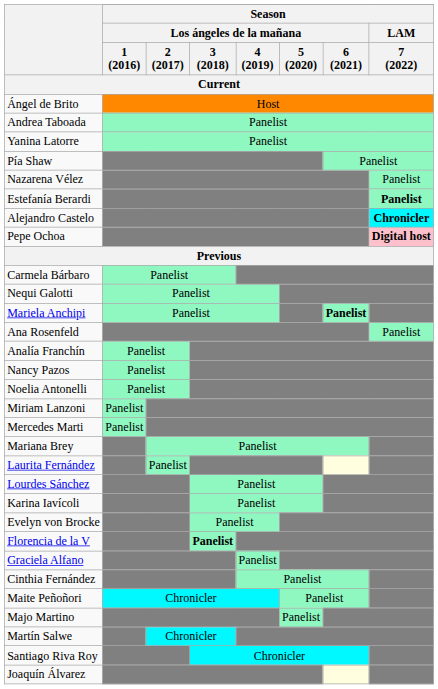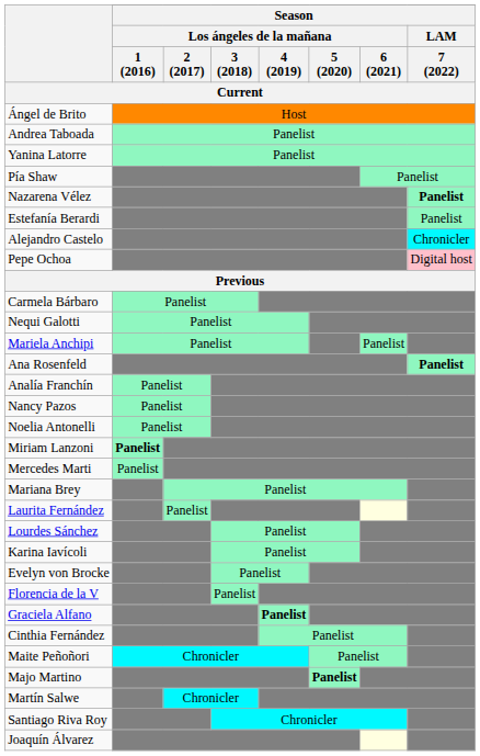 <table class="wikitable plainrowheaders" style="font-size:100%;">
 <tr>
 <th rowspan="4"></th>
 </tr>
 <tr>
 <th colspan=7>Season</th>
 </tr>
 <tr>
 <th colspan="6">Los ángeles de la mañana</th>
 <th colspan="1">LAM</th>
 </tr>
 <tr>
 <th>1<br>(2016)</th>
 <th>2<br>(2017)</th>
 <th>3<br>(2018)</th>
 <th>4<br>(2019)</th>
 <th>5<br>(2020)</th>
 <th>6<br>(2021)</th>
 <th>7<br>(2022)</th>
 </tr>
 <tr>
 <th colspan="8">Current</th>
 </tr>
 <tr>
 <td>Ángel de Brito</td>
 <td colspan="7" bgcolor="#ff8800" style="text-align:center;">Host</td>
 </tr>
 <tr>
 <td>Andrea Taboada</td>
 <td colspan="7" bgcolor="#8FF7C0" style="text-align:center;">Panelist</td>
 </tr>
 <tr>
 <td>Yanina Latorre</td>
 <td colspan="7" bgcolor="#8FF7C0" style="text-align:center;">Panelist</td>
 </tr>
 <tr>
 <td>Pía Shaw</td>
 <td colspan="5" bgcolor=gray></td>
 <td colspan="2" bgcolor="#8FF7C0" style="text-align:center;">Panelist</td>
 </tr>
 <tr>
 <td>Nazarena Vélez</td>
 <td colspan="6" bgcolor=gray></td>
-<td bgcolor="#8FF7C0" style="text-align:center;">Panelist</td>
+<td bgcolor="#8FF7C0" style="text-align:center;"><strong>Panelist</strong></td>
 </tr>
 <tr>
 <td>Estefanía Berardi</td>
 <td colspan="6" bgcolor=gray></td>
-<td bgcolor="#8FF7C0" style="text-align:center;"><strong>Panelist</strong></td>
+<td bgcolor="#8FF7C0" style="text-align:center;">Panelist</td>
 </tr>
 <tr>
 <td>Alejandro Castelo</td>
 <td colspan="6" bgcolor=gray></td>
-<td colspan="1" bgcolor="#00f9ff" style="text-align:center;"><strong>Chronicler</strong></td>
+<td colspan="1" bgcolor="#00f9ff" style="text-align:center;">Chronicler</td>
 </tr>
 <tr>
 <td>Pepe Ochoa</td>
 <td colspan="6" bgcolor=gray></td>
-<td bgcolor="pink" style="text-align:center;"><strong>Digital host</strong></td>
+<td bgcolor="pink" style="text-align:center;">Digital host</td>
 </tr>
 <tr>
 <th colspan="8">Previous</th>
 </tr>
 <tr>
 <td>Carmela Bárbaro</td>
 <td colspan="3" bgcolor="#8FF7C0" style="text-align:center;">Panelist</td>
 <td colspan="55" bgcolor=gray></td>
 </tr>
 <tr>
 <td>Nequi Galotti</td>
 <td colspan="4" bgcolor="#8FF7C0" style="text-align:center;">Panelist</td>
 <td colspan="55" bgcolor=gray></td>
 </tr>
 <tr>
 <td><a href='#'>Mariela Anchipi</a></td>
 <td colspan="4" bgcolor="#8FF7C0" style="text-align:center;">Panelist</td>
 <td colspan="1" bgcolor=gray></td>
-<td colspan="1" bgcolor="#8FF7C0" style="text-align:center;"><strong>Panelist</strong></td>
+<td colspan="1" bgcolor="#8FF7C0" style="text-align:center;">Panelist</td>
 <td colspan="1" bgcolor=gray></td>
 </tr>
 <tr>
 <td>Ana Rosenfeld</td>
 <td colspan="6" bgcolor=gray></td>
-<td bgcolor="#8FF7C0" style="text-align:center;">Panelist</td>
+<td bgcolor="#8FF7C0" style="text-align:center;"><strong>Panelist</strong></td>
 </tr>
 <tr>
 <td>Analía Franchín</td>
 <td colspan="2" bgcolor="#8FF7C0" style="text-align:center;">Panelist</td>
 <td colspan="55" bgcolor=gray></td>
 </tr>
 <tr>
 <td>Nancy Pazos</td>
 <td colspan="2" bgcolor="#8FF7C0" style="text-align:center;">Panelist</td>
 <td colspan="55" bgcolor=gray></td>
 </tr>
 <tr>
 <td>Noelia Antonelli</td>
 <td colspan="2" bgcolor="#8FF7C0" style="text-align:center;">Panelist</td>
 <td colspan="55" bgcolor=gray></td>
 </tr>
 <tr>
 <td>Miriam Lanzoni</td>
-<td bgcolor="#8FF7C0" style="text-align:center;">Panelist</td>
+<td bgcolor="#8FF7C0" style="text-align:center;"><strong>Panelist</strong></td>
 <td colspan="55" bgcolor=gray></td>
 </tr>
 <tr>
 <td>Mercedes Marti</td>
 <td bgcolor="#8FF7C0" style="text-align:center;">Panelist</td>
 <td colspan="55" bgcolor=gray></td>
 </tr>
 <tr>
 <td>Mariana Brey</td>
 <td bgcolor=gray></td>
 <td colspan="5" bgcolor="#8FF7C0" style="text-align:center;">Panelist</td>
 <td colspan=55 bgcolor=gray></td>
 </tr>
 <tr>
 <td><a href='#'>Laurita Fernández</a></td>
 <td bgcolor=gray></td>
 <td bgcolor="#8FF7C0" style="text-align:center;">Panelist</td>
 <td colspan=3 bgcolor=gray></td>
 <td bgcolor="lightyellow" style="text-align:center;"></td>
 <td colspan=55 bgcolor=gray></td>
 </tr>
 <tr>
 <td><a href='#'>Lourdes Sánchez</a></td>
 <td colspan="2" bgcolor=gray></td>
 <td colspan="3" bgcolor="#8FF7C0" style="text-align:center;">Panelist</td>
 <td colspan=55 bgcolor=gray></td>
 </tr>
 <tr>
 <td>Karina Iavícoli</td>
 <td colspan="2" bgcolor=gray></td>
 <td colspan="3" bgcolor="#8FF7C0" style="text-align:center;">Panelist</td>
 <td colspan=55 bgcolor=gray></td>
 </tr>
 <tr>
 <td>Evelyn von Brocke</td>
 <td colspan="2" bgcolor=gray></td>
 <td colspan="2" bgcolor="#8FF7C0" style="text-align:center;">Panelist</td>
 <td colspan="55" bgcolor=gray></td>
 </tr>
 <tr>
 <td><a href='#'>Florencia de la V</a></td>
 <td colspan="2" bgcolor=gray></td>
-<td bgcolor="#8FF7C0" style="text-align:center;"><strong>Panelist</strong></td>
+<td bgcolor="#8FF7C0" style="text-align:center;">Panelist</td>
 <td colspan="55" bgcolor=gray></td>
 </tr>
 <tr>
 <td><a href='#'>Graciela Alfano</a></td>
 <td colspan="3" bgcolor=gray></td>
-<td bgcolor="#8FF7C0" style="text-align:center;">Panelist</td>
+<td bgcolor="#8FF7C0" style="text-align:center;"><strong>Panelist</strong></td>
 <td colspan="55" bgcolor=gray></td>
 </tr>
 <tr>
 <td>Cinthia Fernández</td>
 <td colspan="3" bgcolor=gray></td>
 <td colspan="3" bgcolor="#8FF7C0" style="text-align:center;">Panelist</td>
 <td colspan=55 bgcolor=gray></td>
 </tr>
 <tr>
 <td>Maite Peñoñori</td>
 <td colspan="4" bgcolor="#00f9ff" style="text-align:center;">Chronicler</td>
 <td colspan="2" bgcolor="#8FF7C0" style="text-align:center;">Panelist</td>
 <td colspan=55 bgcolor=gray></td>
 </tr>
 <tr>
 <td>Majo Martino</td>
 <td colspan="4" bgcolor=gray></td>
-<td bgcolor="#8FF7C0" style="text-align:center;">Panelist</td>
+<td bgcolor="#8FF7C0" style="text-align:center;"><strong>Panelist</strong></td>
 <td colspan=55 bgcolor=gray></td>
 </tr>
 <tr>
 <td>Martín Salwe</td>
 <td bgcolor=gray></td>
 <td colspan="2" bgcolor="#00f9ff" style="text-align:center;">Chronicler</td>
 <td colspan="55" bgcolor=gray></td>
 </tr>
 <tr>
 <td>Santiago Riva Roy</td>
 <td colspan="2" bgcolor=gray></td>
 <td colspan="4" bgcolor="#00f9ff" style="text-align:center;">Chronicler</td>
 <td colspan="55" bgcolor=gray></td>
 </tr>
 <tr>
 <td>Joaquín Álvarez</td>
 <td colspan=5 bgcolor=gray></td>
 <td bgcolor="lightyellow" style="text-align:center;"></td>
 <td colspan=55 bgcolor=gray></td>
 </tr>
 </table>
